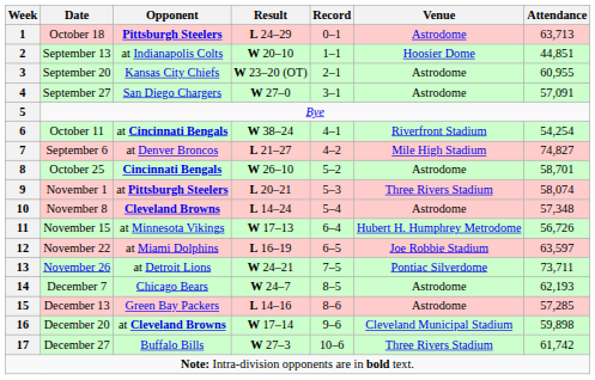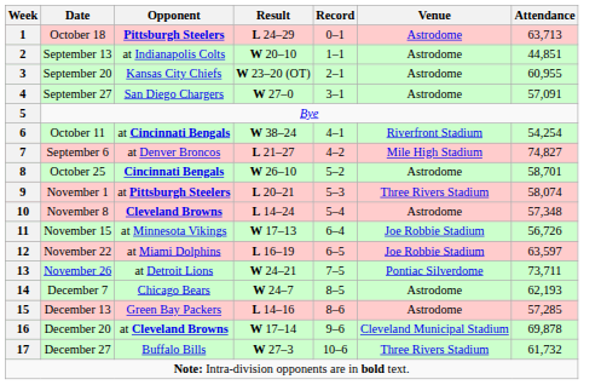 <table class="wikitable" style="text-align:center">
 <tr>
 <th>Week</th>
 <th>Date</th>
 <th>Opponent</th>
 <th>Result</th>
 <th>Record</th>
 <th>Venue</th>
 <th>Attendance</th>
 </tr>
 <tr style="background:#fcc">
 <th>1</th>
 <td>October 18</td>
 <td><strong><a href='#'>Pittsburgh Steelers</a></strong></td>
 <td><strong>L</strong> 24–29</td>
 <td>0–1</td>
 <td><a href='#'>Astrodome</a></td>
 <td>63,713</td>
 </tr>
 <tr style="background:#cfc">
 <th>2</th>
 <td>September 13</td>
 <td>at <a href='#'>Indianapolis Colts</a></td>
 <td><strong>W</strong> 20–10</td>
 <td>1–1</td>
-<td><a href='#'>Hoosier Dome</a></td>
+<td>Astrodome</td>
 <td>44,851</td>
 </tr>
 <tr style="background:#cfc">
 <th>3</th>
 <td>September 20</td>
 <td><a href='#'>Kansas City Chiefs</a></td>
 <td><strong>W</strong> 23–20 (OT)</td>
 <td>2–1</td>
 <td>Astrodome</td>
 <td>60,955</td>
 </tr>
 <tr style="background:#cfc">
 <th>4</th>
 <td>September 27</td>
 <td><a href='#'>San Diego Chargers</a></td>
 <td><strong>W</strong> 27–0</td>
 <td>3–1</td>
 <td>Astrodome</td>
 <td>57,091</td>
 </tr>
 <tr>
 <th>5</th>
 <td colspan="6" align="center"><em><a href='#'>Bye</a></em></td>
 </tr>
 <tr style="background:#cfc">
 <th>6</th>
 <td>October 11</td>
 <td>at <strong><a href='#'>Cincinnati Bengals</a></strong></td>
 <td><strong>W</strong> 38–24</td>
 <td>4–1</td>
 <td><a href='#'>Riverfront Stadium</a></td>
 <td>54,254</td>
 </tr>
 <tr style="background:#fcc">
 <th>7</th>
 <td>September 6</td>
 <td>at <a href='#'>Denver Broncos</a></td>
 <td><strong>L</strong> 21–27</td>
 <td>4–2</td>
 <td><a href='#'>Mile High Stadium</a></td>
 <td>74,827</td>
 </tr>
 <tr style="background:#cfc">
 <th>8</th>
 <td>October 25</td>
 <td><strong><a href='#'>Cincinnati Bengals</a></strong></td>
 <td><strong>W</strong> 26–10</td>
 <td>5–2</td>
 <td>Astrodome</td>
 <td>58,701</td>
 </tr>
 <tr style="background:#fcc">
 <th>9</th>
 <td>November 1</td>
 <td>at <strong><a href='#'>Pittsburgh Steelers</a></strong></td>
 <td><strong>L</strong> 20–21</td>
 <td>5–3</td>
 <td><a href='#'>Three Rivers Stadium</a></td>
 <td>58,074</td>
 </tr>
 <tr style="background:#fcc">
 <th>10</th>
 <td>November 8</td>
 <td><strong><a href='#'>Cleveland Browns</a></strong></td>
 <td><strong>L</strong> 14–24</td>
 <td>5–4</td>
 <td>Astrodome</td>
 <td>57,348</td>
 </tr>
 <tr style="background:#cfc">
 <th>11</th>
 <td>November 15</td>
 <td>at <a href='#'>Minnesota Vikings</a></td>
 <td><strong>W</strong> 17–13</td>
 <td>6–4</td>
-<td><a href='#'>Hubert H. Humphrey Metrodome</a></td>
+<td><a href='#'>Joe Robbie Stadium</a></td>
 <td>56,726</td>
 </tr>
 <tr style="background:#fcc">
 <th>12</th>
 <td>November 22</td>
 <td>at <a href='#'>Miami Dolphins</a></td>
 <td><strong>L</strong> 16–19</td>
 <td>6–5</td>
 <td><a href='#'>Joe Robbie Stadium</a></td>
 <td>63,597</td>
 </tr>
 <tr style="background:#cfc">
 <th>13</th>
 <td><a href='#'>November 26</a></td>
 <td>at <a href='#'>Detroit Lions</a></td>
 <td><strong>W</strong> 24–21</td>
 <td>7–5</td>
 <td><a href='#'>Pontiac Silverdome</a></td>
 <td>73,711</td>
 </tr>
 <tr style="background:#cfc">
 <th>14</th>
 <td>December 7</td>
 <td><a href='#'>Chicago Bears</a></td>
 <td><strong>W</strong> 24–7</td>
 <td>8–5</td>
 <td>Astrodome</td>
 <td>62,193</td>
 </tr>
 <tr style="background:#fcc">
 <th>15</th>
 <td>December 13</td>
 <td><a href='#'>Green Bay Packers</a></td>
 <td><strong>L</strong> 14–16</td>
 <td>8–6</td>
 <td>Astrodome</td>
 <td>57,285</td>
 </tr>
 <tr style="background:#cfc">
 <th>16</th>
 <td>December 20</td>
 <td>at <strong><a href='#'>Cleveland Browns</a></strong></td>
 <td><strong>W</strong> 17–14</td>
 <td>9–6</td>
 <td><a href='#'>Cleveland Municipal Stadium</a></td>
-<td>59,898</td>
+<td>69,878</td>
 </tr>
 <tr style="background:#cfc">
 <th>17</th>
 <td>December 27</td>
 <td><a href='#'>Buffalo Bills</a></td>
 <td><strong>W</strong> 27–3</td>
 <td>10–6</td>
 <td><a href='#'>Three Rivers Stadium</a></td>
-<td>61,742</td>
+<td>61,732</td>
 </tr>
 <tr>
 <td colspan="8"><strong>Note:</strong> Intra-division opponents are in <strong>bold</strong> text.</td>
 </tr>
 </table>
